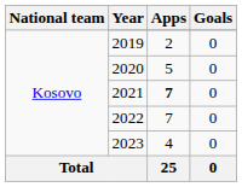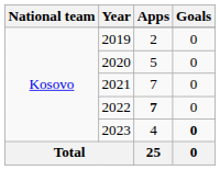 <table class="wikitable" style="text-align:center">
 <tr>
 <th>National team</th>
 <th>Year</th>
 <th>Apps</th>
 <th>Goals</th>
 </tr>
 <tr>
 <td rowspan="6"><a href='#'>Kosovo</a></td>
 </tr>
 <tr>
 <td>2019</td>
 <td>2</td>
 <td>0</td>
 </tr>
 <tr>
 <td>2020</td>
 <td>5</td>
 <td>0</td>
 </tr>
 <tr>
 <td>2021</td>
-<td><strong>7</strong></td>
+<td>7</td>
 <td>0</td>
 </tr>
 <tr>
 <td>2022</td>
-<td>7</td>
+<td><strong>7</strong></td>
 <td>0</td>
 </tr>
 <tr>
 <td>2023</td>
 <td>4</td>
-<td>0</td>
+<td><strong>0</strong></td>
 </tr>
 <tr>
 <th colspan="2">Total</th>
 <th>25</th>
 <th>0</th>
 </tr>
 </table>
